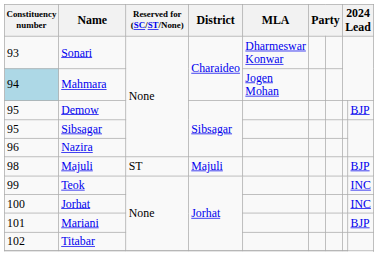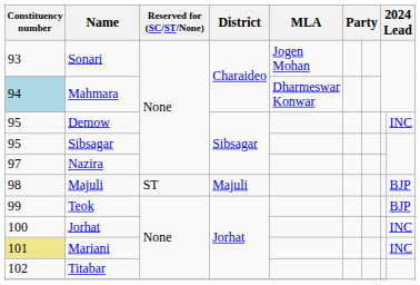 <table class="wikitable" width="500px">
 <tr>
 <th width="50px" style="font-size:75%">Constituency number</th>
 <th width="150px">Name</th>
 <th width="100px" style="font-size:75%">Reserved for (<a href='#'>SC</a>/<a href='#'>ST</a>/None)</th>
 <th>District</th>
 <th>MLA</th>
 <th colspan="2">Party</th>
 <th colspan="2">2024 Lead</th>
 </tr>
 <tr>
 <td>93</td>
 <td><a href='#'>Sonari</a></td>
 <td Rowspan=5>None</td>
 <td Rowspan=2><a href='#'>Charaideo</a></td>
-<td><a href='#'>Dharmeswar Konwar</a></td>
+<td><a href='#'>Jogen Mohan</a></td>
 <td></td>
 <td></td>
 </tr>
 <tr>
 <td style="background: lightblue;">94</td>
 <td><a href='#'>Mahmara</a></td>
-<td><a href='#'>Jogen Mohan</a></td>
+<td><a href='#'>Dharmeswar Konwar</a></td>
 <td></td>
 <td></td>
 </tr>
 <tr>
 <td>95</td>
 <td><a href='#'>Demow</a></td>
 <td Rowspan=3><a href='#'>Sibsagar</a></td>
 <td></td>
 <td></td>
 <td></td>
 <td style="background-color: "></td>
-<td><a href='#'>BJP</a></td>
+<td><a href='#'>INC</a></td>
 </tr>
 <tr>
 <td>95</td>
 <td><a href='#'>Sibsagar</a></td>
 <td></td>
 <td></td>
 <td></td>
 <td></td>
 </tr>
 <tr>
-<td>96</td>
+<td>97</td>
 <td><a href='#'>Nazira</a></td>
 <td></td>
 <td></td>
 <td></td>
 <td></td>
 </tr>
 <tr>
 <td>98</td>
 <td><a href='#'>Majuli</a></td>
 <td>ST</td>
 <td><a href='#'>Majuli</a></td>
 <td></td>
 <td></td>
 <td></td>
 <td style="background-color: "></td>
 <td><a href='#'>BJP</a></td>
 </tr>
 <tr>
 <td>99</td>
 <td><a href='#'>Teok</a></td>
 <td Rowspan=4>None</td>
 <td Rowspan=4><a href='#'>Jorhat</a></td>
 <td></td>
 <td></td>
 <td></td>
 <td style="background-color: "></td>
-<td><a href='#'>INC</a></td>
+<td><a href='#'>BJP</a></td>
 </tr>
 <tr>
 <td>100</td>
 <td><a href='#'>Jorhat</a></td>
 <td></td>
 <td></td>
 <td></td>
 <td style="background-color: "></td>
 <td><a href='#'>INC</a></td>
 </tr>
 <tr>
-<td>101</td>
+<td style="background: khaki;">101</td>
 <td><a href='#'>Mariani</a></td>
 <td></td>
 <td></td>
 <td></td>
 <td style="background-color: "></td>
-<td><a href='#'>BJP</a></td>
+<td><a href='#'>INC</a></td>
 </tr>
 <tr>
 <td>102</td>
 <td><a href='#'>Titabar</a></td>
 <td></td>
 <td></td>
 <td></td>
 <td></td>
 </tr>
 <tr>
 </tr>
 </table>
